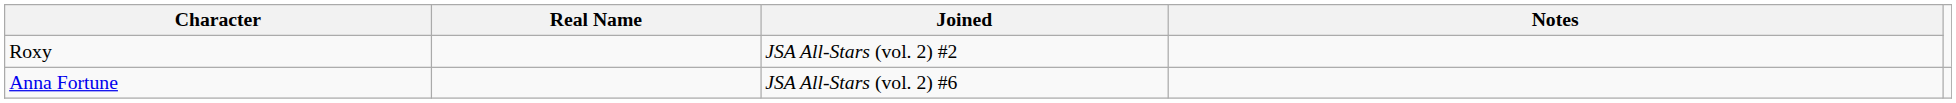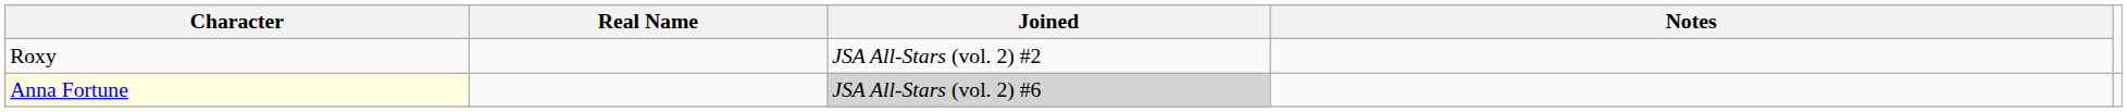 <table class="wikitable" width=100%>
 <tr>
 <th width=22%>Character</th>
 <th width=17%>Real Name</th>
 <th width=21%>Joined</th>
 <th width=40%>Notes</th>
 </tr>
 <tr>
 <td>Roxy</td>
 <td></td>
 <td><em>JSA All-Stars</em> (vol. 2) #2</td>
 <td></td>
 </tr>
 <tr>
-<td><a href='#'>Anna Fortune</a></td>
+<td style="background: lightyellow;"><a href='#'>Anna Fortune</a></td>
 <td></td>
-<td><em>JSA All-Stars</em> (vol. 2) #6</td>
+<td style="background: lightgrey;"><em>JSA All-Stars</em> (vol. 2) #6</td>
 <td></td>
 <td></td>
 </tr>
 </table>
